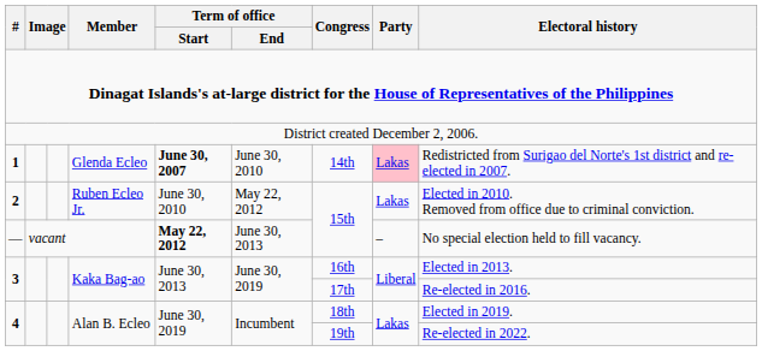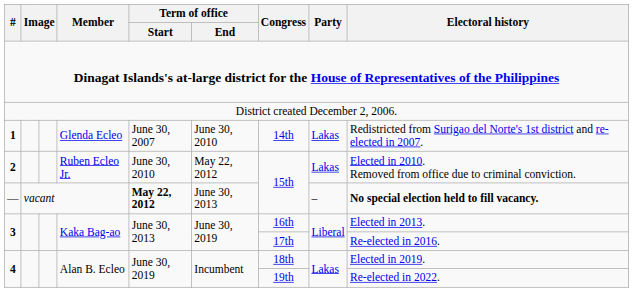 <table class=wikitable>
 <tr>
 <th rowspan="2">#</th>
 <th rowspan="2" colspan=2>Image</th>
 <th rowspan="2">Member</th>
 <th colspan=2>Term of office</th>
 <th rowspan="2">Congress</th>
 <th rowspan="2">Party</th>
 <th rowspan="2">Electoral history</th>
 </tr>
 <tr>
 <th>Start</th>
 <th>End</th>
 </tr>
 <tr>
 <td colspan="9" style="text-align:center;"><br><h3>Dinagat Islands's at-large district for the <a href='#'>House of Representatives of the Philippines</a></h3></td>
 </tr>
 <tr>
 <td colspan="9" style="text-align:center;">District created December 2, 2006.</td>
 </tr>
 <tr>
 <td style="text-align:center;"><strong>1</strong></td>
 <td style="color:inherit;background:"></td>
 <td></td>
 <td><a href='#'>Glenda Ecleo</a></td>
-<td><strong>June 30, 2007</strong></td>
+<td>June 30, 2007</td>
 <td>June 30, 2010</td>
 <td style="text-align:center;"><a href='#'>14th</a></td>
-<td style="background: pink;"><a href='#'>Lakas</a></td>
+<td><a href='#'>Lakas</a></td>
 <td>Redistricted from <a href='#'>Surigao del Norte's 1st district</a> and <a href='#'>re-elected in 2007</a>.</td>
 </tr>
 <tr>
 <td style="text-align:center;"><strong>2</strong></td>
 <td style="color:inherit;background:"></td>
 <td></td>
 <td><a href='#'>Ruben Ecleo Jr.</a></td>
 <td>June 30, 2010</td>
 <td>May 22, 2012</td>
 <td rowspan="2" style="text-align:center;"><a href='#'>15th</a></td>
 <td><a href='#'>Lakas</a></td>
 <td><a href='#'>Elected in 2010</a>.<br>Removed from office due to criminal conviction.</td>
 </tr>
 <tr>
 <td style="text-align:center;">—</td>
 <td colspan="3"><em>vacant</em></td>
 <td><strong>May 22, 2012</strong></td>
 <td>June 30, 2013</td>
 <td>–</td>
-<td>No special election held to fill vacancy.</td>
+<td><strong>No special election held to fill vacancy.</strong></td>
 </tr>
 <tr>
 <td rowspan="2" style="text-align:center;"><strong>3</strong></td>
 <td rowspan="2" style="color:inherit;background:"></td>
 <td rowspan="2"></td>
 <td rowspan="2"><a href='#'>Kaka Bag-ao</a></td>
 <td rowspan="2">June 30, 2013</td>
 <td rowspan="2">June 30, 2019</td>
 <td style="text-align:center;"><a href='#'>16th</a></td>
 <td rowspan="2"><a href='#'>Liberal</a></td>
 <td><a href='#'>Elected in 2013</a>.</td>
 </tr>
 <tr>
 <td style="text-align:center;"><a href='#'>17th</a></td>
 <td><a href='#'>Re-elected in 2016</a>.</td>
 </tr>
 <tr>
 <td rowspan="2" style="text-align:center;"><strong>4</strong></td>
 <td rowspan="2" style="color:inherit;background:"></td>
 <td rowspan="2"></td>
 <td rowspan="2">Alan B. Ecleo</td>
 <td rowspan="2">June 30, 2019</td>
 <td rowspan="2">Incumbent</td>
 <td style="text-align:center;"><a href='#'>18th</a></td>
 <td rowspan="2"><a href='#'>Lakas</a></td>
 <td><a href='#'>Elected in 2019</a>.</td>
 </tr>
 <tr>
 <td style="text-align:center;"><a href='#'>19th</a></td>
 <td><a href='#'>Re-elected in 2022</a>.</td>
 </tr>
 </table>
